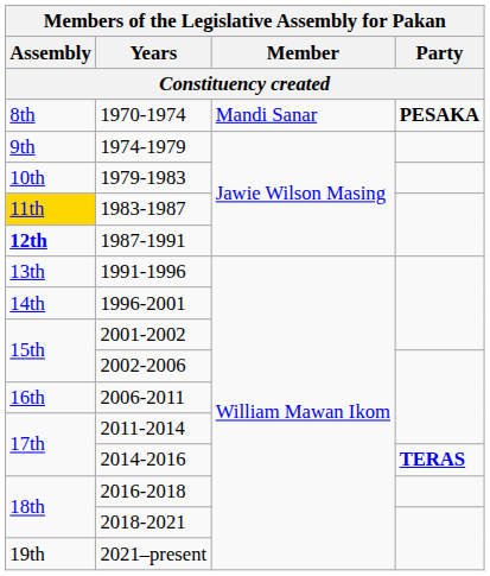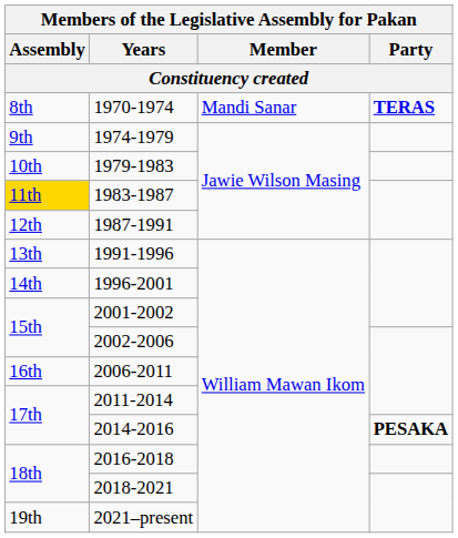 <table class=wikitable>
 <tr>
 <th colspan="4">Members of the Legislative Assembly for Pakan</th>
 </tr>
 <tr>
 <th>Assembly</th>
 <th>Years</th>
 <th>Member</th>
 <th>Party</th>
 </tr>
 <tr>
 <th colspan=4 align=center><em>Constituency created</em></th>
 </tr>
 <tr>
 <td><a href='#'>8th</a></td>
 <td>1970-1974</td>
 <td><a href='#'>Mandi Sanar</a></td>
-<td><strong>PESAKA</strong></td>
+<td><strong><a href='#'>TERAS</a></strong></td>
 </tr>
 <tr>
 <td><a href='#'>9th</a></td>
 <td>1974-1979</td>
 <td rowspan=4><a href='#'>Jawie Wilson Masing</a></td>
 <td></td>
 </tr>
 <tr>
 <td><a href='#'>10th</a></td>
 <td>1979-1983</td>
 <td></td>
 </tr>
 <tr>
 <td style="background: gold;"><a href='#'>11th</a></td>
 <td>1983-1987</td>
 <td rowspan=2></td>
 </tr>
 <tr>
-<td><strong><a href='#'>12th</a></strong></td>
+<td><a href='#'>12th</a></td>
 <td>1987-1991</td>
 </tr>
 <tr>
 <td><a href='#'>13th</a></td>
 <td>1991-1996</td>
 <td rowspan="10"><a href='#'>William Mawan Ikom</a></td>
 <td rowspan=3></td>
 </tr>
 <tr>
 <td><a href='#'>14th</a></td>
 <td>1996-2001</td>
 </tr>
 <tr>
 <td rowspan=2><a href='#'>15th</a></td>
 <td>2001-2002</td>
 </tr>
 <tr>
 <td>2002-2006</td>
 <td rowspan=3></td>
 </tr>
 <tr>
 <td><a href='#'>16th</a></td>
 <td>2006-2011</td>
 </tr>
 <tr>
 <td rowspan=2><a href='#'>17th</a></td>
 <td>2011-2014</td>
 </tr>
 <tr>
 <td>2014-2016</td>
-<td><strong><a href='#'>TERAS</a></strong></td>
+<td><strong>PESAKA</strong></td>
 </tr>
 <tr>
 <td rowspan="2"><a href='#'>18th</a></td>
 <td>2016-2018</td>
 <td></td>
 </tr>
 <tr>
 <td>2018-2021</td>
 <td rowspan="2"></td>
 </tr>
 <tr>
 <td>19th</td>
 <td>2021–present</td>
 </tr>
 </table>
